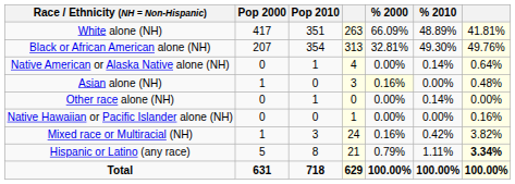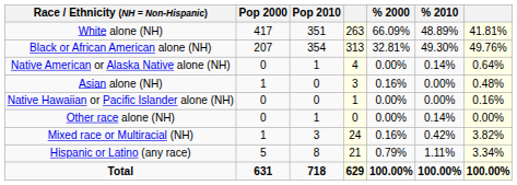 <table class="wikitable" style="text-align:center;">
 <tr>
 <th>Race / Ethnicity <small>(<em>NH = Non-Hispanic</em>)</small></th>
 <th>Pop 2000</th>
 <th>Pop 2010</th>
 <th></th>
 <th>% 2000</th>
 <th>% 2010</th>
 <th></th>
 </tr>
 <tr>
 <td><a href='#'>White</a> alone (NH)</td>
 <td>417</td>
 <td>351</td>
 <td style='background: #ffffe6;'>263</td>
 <td>66.09%</td>
 <td>48.89%</td>
 <td style='background: #ffffe6;'>41.81%</td>
 </tr>
 <tr>
 <td><a href='#'>Black or African American</a> alone (NH)</td>
 <td>207</td>
 <td>354</td>
 <td style='background: #ffffe6;'>313</td>
 <td>32.81%</td>
 <td>49.30%</td>
 <td style='background: #ffffe6;'>49.76%</td>
 </tr>
 <tr>
 <td><a href='#'>Native American</a> or <a href='#'>Alaska Native</a> alone (NH)</td>
 <td>0</td>
 <td>1</td>
 <td style='background: #ffffe6;'>4</td>
 <td>0.00%</td>
 <td>0.14%</td>
 <td style='background: #ffffe6;'>0.64%</td>
 </tr>
 <tr>
 <td><a href='#'>Asian</a> alone (NH)</td>
 <td>1</td>
 <td>0</td>
 <td style='background: #ffffe6;'>3</td>
-<td style="background: lightyellow;">0.16%</td>
+<td>0.16%</td>
 <td>0.00%</td>
 <td style='background: #ffffe6;'>0.48%</td>
+</tr>
+<tr>
+<td><a href='#'>Native Hawaiian</a> or <a href='#'>Pacific Islander</a> alone (NH)</td>
+<td>0</td>
+<td>0</td>
+<td style='background: #ffffe6;'>1</td>
+<td>0.00%</td>
+<td>0.00%</td>
+<td style='background: #ffffe6;'>0.16%</td>
 </tr>
 <tr>
 <td><a href='#'>Other race</a> alone (NH)</td>
 <td>0</td>
 <td>1</td>
 <td style='background: #ffffe6;'>0</td>
 <td>0.00%</td>
 <td>0.14%</td>
 <td style='background: #ffffe6;'>0.00%</td>
-</tr>
-<tr>
-<td><a href='#'>Native Hawaiian</a> or <a href='#'>Pacific Islander</a> alone (NH)</td>
-<td>0</td>
-<td>0</td>
-<td style='background: #ffffe6;'>1</td>
-<td>0.00%</td>
-<td>0.00%</td>
-<td style='background: #ffffe6;'>0.16%</td>
 </tr>
 <tr>
 <td><a href='#'>Mixed race or Multiracial</a> (NH)</td>
 <td>1</td>
 <td>3</td>
 <td style='background: #ffffe6;'>24</td>
 <td>0.16%</td>
 <td>0.42%</td>
 <td style='background: #ffffe6;'>3.82%</td>
 </tr>
 <tr>
 <td><a href='#'>Hispanic or Latino</a> (any race)</td>
 <td>5</td>
 <td>8</td>
 <td style='background: #ffffe6;'>21</td>
 <td>0.79%</td>
 <td>1.11%</td>
-<td style='background: #ffffe6;'><strong>3.34%</strong></td>
+<td style='background: #ffffe6;'>3.34%</td>
 </tr>
 <tr>
 <td><strong>Total</strong></td>
 <td><strong>631</strong></td>
 <td><strong>718</strong></td>
 <td style='background: #ffffe6;'><strong>629</strong></td>
 <td><strong>100.00%</strong></td>
 <td><strong>100.00%</strong></td>
 <td style='background: #ffffe6;'><strong>100.00%</strong></td>
 </tr>
 </table>
